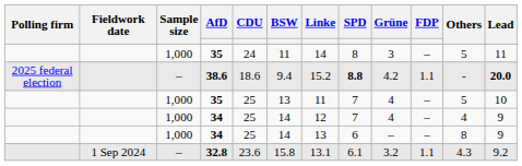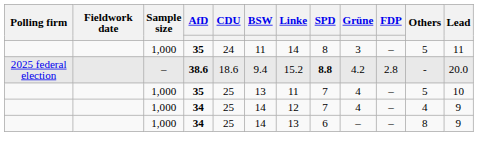 <table class="wikitable sortable" style="text-align:center;font-size:90%;line-height:14px;">
 <tr style="height:40px;">
 <th style="width:150px;" rowspan="2">Polling firm</th>
 <th style="width:125px;" rowspan="2">Fieldwork date</th>
 <th style="width:35px;" rowspan="2">Sample<br>size</th>
 <th class="unsortable" style="width:40px;"><a href='#'>AfD</a></th>
 <th class="unsortable" style="width:40px;"><a href='#'>CDU</a></th>
 <th class="unsortable" style="width:40px;"><a href='#'>BSW</a></th>
 <th class="unsortable" style="width:40px;"><a href='#'>Linke</a></th>
 <th class="unsortable" style="width:40px;"><a href='#'>SPD</a></th>
 <th class="unsortable" style="width:40px;"><a href='#'>Grüne</a></th>
 <th class="unsortable" style="width:40px;"><a href='#'>FDP</a></th>
 <th class="unsortable" style="width:40px;" rowspan="2">Others</th>
 <th style="width:30px;" rowspan="2">Lead</th>
 </tr>
 <tr>
 <th style="background:"></th>
 <th style="background:"></th>
 <th style="background:"></th>
 <th style="background:"></th>
 <th style="background:"></th>
 <th style="background:"></th>
 <th style="background:"></th>
 </tr>
 <tr>
 <td></td>
 <td></td>
 <td>1,000</td>
 <td><strong>35</strong></td>
 <td>24</td>
 <td>11</td>
 <td>14</td>
 <td>8</td>
 <td>3</td>
 <td>–</td>
 <td>5</td>
 <td style="background:">11</td>
 </tr>
 <tr style="background:#E9E9E9;">
 <td><a href='#'>2025 federal election</a></td>
 <td></td>
 <td>–</td>
 <td><strong>38.6</strong></td>
 <td>18.6</td>
 <td>9.4</td>
 <td>15.2</td>
 <td><strong>8.8</strong></td>
 <td>4.2</td>
-<td>1.1</td>
+<td>2.8</td>
 <td>-</td>
-<td style="background:"><strong>20.0</strong></td>
+<td style="background:">20.0</td>
 </tr>
 <tr>
 <td></td>
 <td></td>
 <td>1,000</td>
 <td><strong>35</strong></td>
 <td>25</td>
 <td>13</td>
 <td>11</td>
 <td>7</td>
 <td>4</td>
 <td>–</td>
 <td>5</td>
 <td style="background:">10</td>
 </tr>
 <tr>
 <td></td>
 <td></td>
 <td>1,000</td>
 <td><strong>34</strong></td>
 <td>25</td>
 <td>14</td>
 <td>12</td>
 <td>7</td>
 <td>4</td>
 <td>–</td>
 <td>4</td>
 <td style="background:">9</td>
 </tr>
 <tr>
 <td></td>
 <td></td>
 <td>1,000</td>
 <td><strong>34</strong></td>
 <td>25</td>
 <td>14</td>
 <td>13</td>
 <td>6</td>
 <td>–</td>
 <td>–</td>
 <td>8</td>
 <td style="background:">9</td>
 </tr>
-<tr style="background:#E9E9E9;">
-<td></td>
-<td data-sort-value="2024-09-01">1 Sep 2024</td>
-<td>–</td>
-<td><strong>32.8</strong></td>
-<td>23.6</td>
-<td>15.8</td>
-<td>13.1</td>
-<td>6.1</td>
-<td>3.2</td>
-<td>1.1</td>
-<td>4.3</td>
-<td style="background:">9.2</td>
-</tr>
 </table>
